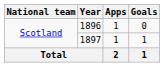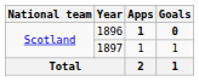 <table class=wikitable style="text-align: center">
 <tr>
 <th>National team</th>
 <th>Year</th>
 <th>Apps</th>
 <th>Goals</th>
 </tr>
 <tr>
 <td rowspan=2><a href='#'>Scotland</a></td>
 <td>1896</td>
-<td>1</td>
-<td>0</td>
+<td><strong>1</strong></td>
+<td><strong>0</strong></td>
 </tr>
 <tr>
 <td>1897</td>
 <td>1</td>
 <td>1</td>
 </tr>
 <tr>
 <th colspan=2>Total</th>
 <th>2</th>
 <th>1</th>
 </tr>
 </table>
